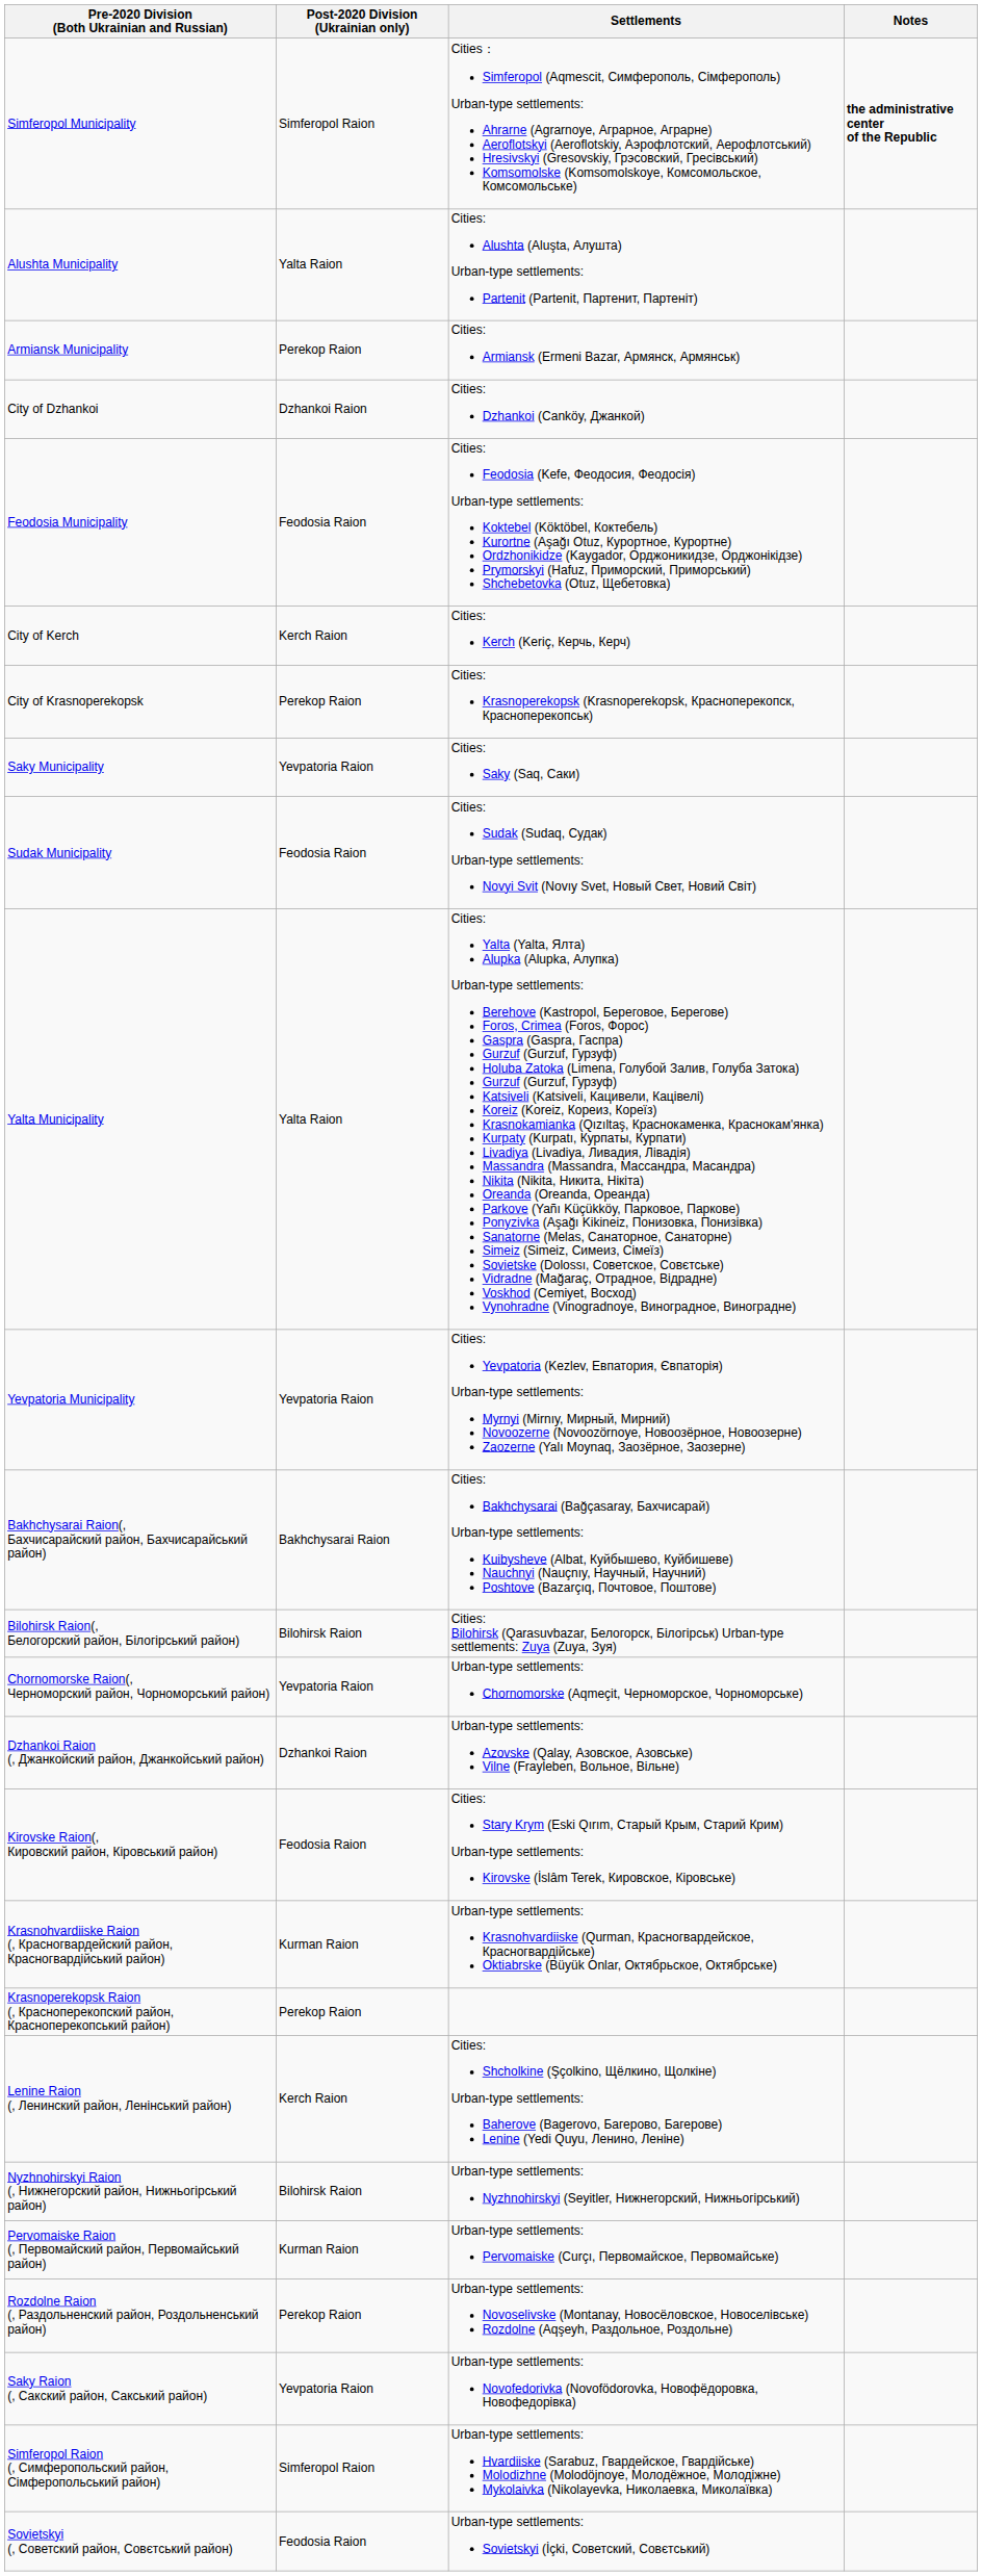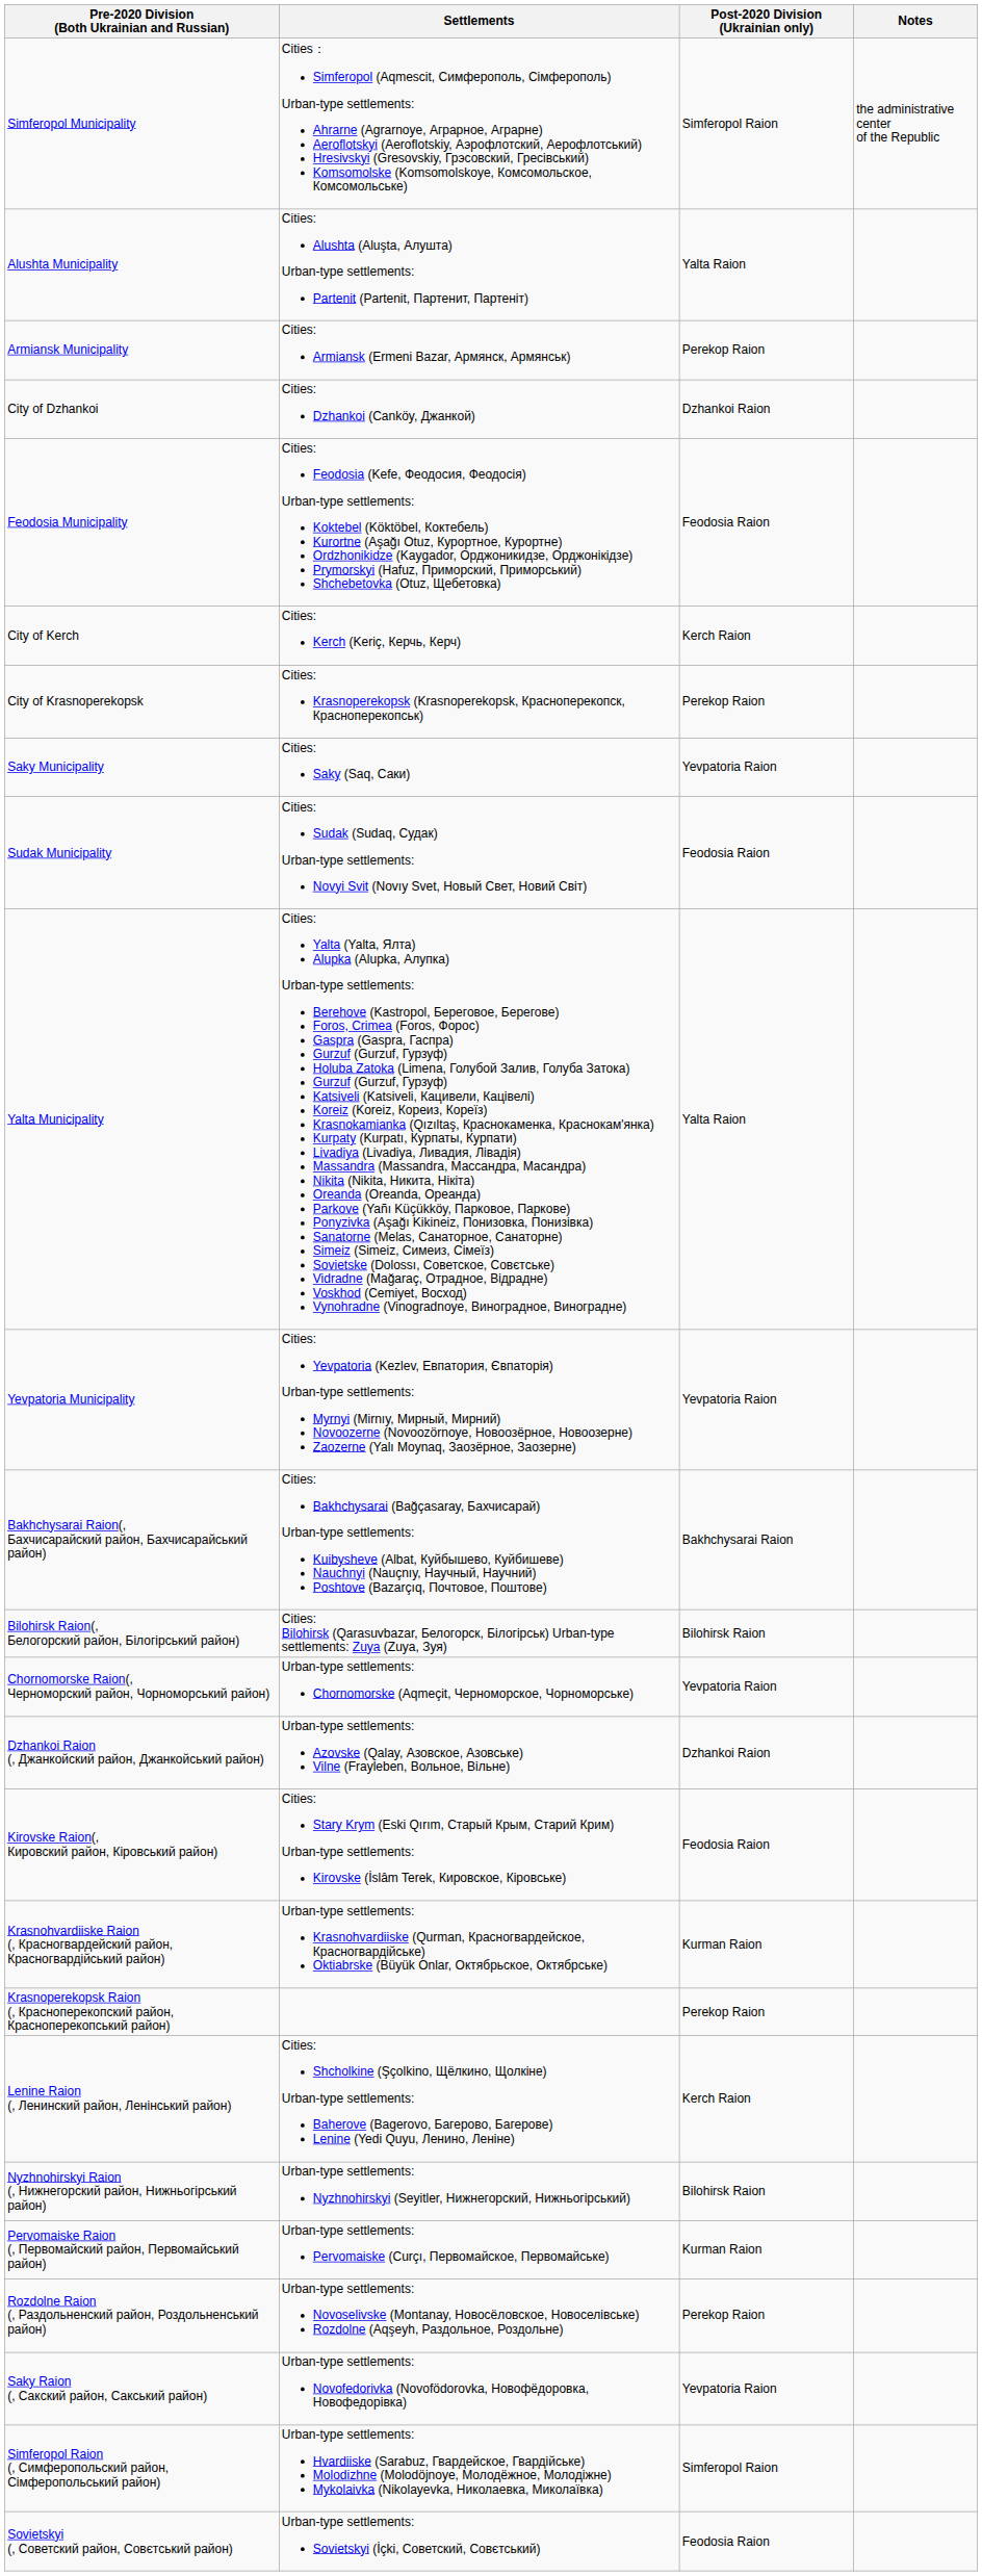 <table class="wikitable sortable">
 <tr>
 <th>Pre-2020 Division<br>(Both Ukrainian and Russian)</th>
+<th>Settlements</th>
 <th>Post-2020 Division (Ukrainian only)</th>
-<th>Settlements</th>
 <th>Notes</th>
 </tr>
 <tr>
 <td><a href='#'>Simferopol Municipality</a></td>
+<td>Cities：<br><ul><li><a href='#'>Simferopol</a> (Aqmescit, Симферополь, Сімферополь)</li></ul>Urban-type settlements:<ul><li><a href='#'>Ahrarne</a> (Agrarnoye, Аграрное, Аграрне)</li><li><a href='#'>Aeroflotskyi</a> (Aeroflotskiy, Аэрофлотский, Аерофлотський)</li><li><a href='#'>Hresivskyi</a> (Gresovskiy, Грэсовский, Гресівський)</li><li><a href='#'>Komsomolske</a> (Komsomolskoye, Комсомольское, Комсомольське)</li></ul></td>
 <td>Simferopol Raion</td>
-<td>Cities：<br><ul><li><a href='#'>Simferopol</a> (Aqmescit, Симферополь, Сімферополь)</li></ul>Urban-type settlements:<ul><li><a href='#'>Ahrarne</a> (Agrarnoye, Аграрное, Аграрне)</li><li><a href='#'>Aeroflotskyi</a> (Aeroflotskiy, Аэрофлотский, Аерофлотський)</li><li><a href='#'>Hresivskyi</a> (Gresovskiy, Грэсовский, Гресівський)</li><li><a href='#'>Komsomolske</a> (Komsomolskoye, Комсомольское, Комсомольське)</li></ul></td>
-<td><strong>the administrative center<br>of the Republic</strong></td>
+<td>the administrative center<br>of the Republic</td>
 </tr>
 <tr>
 <td><a href='#'>Alushta Municipality</a></td>
+<td>Cities:<br><ul><li><a href='#'>Alushta</a> (Aluşta, Алушта)</li></ul>Urban-type settlements:<ul><li><a href='#'>Partenit</a> (Partenit, Партенит, Партеніт)</li></ul></td>
 <td>Yalta Raion</td>
-<td>Cities:<br><ul><li><a href='#'>Alushta</a> (Aluşta, Алушта)</li></ul>Urban-type settlements:<ul><li><a href='#'>Partenit</a> (Partenit, Партенит, Партеніт)</li></ul></td>
 <td></td>
 </tr>
 <tr>
 <td><a href='#'>Armiansk Municipality</a></td>
+<td>Cities:<br><ul><li><a href='#'>Armiansk</a> (Ermeni Bazar, Армянск, Армянськ)</li></ul></td>
 <td>Perekop Raion</td>
-<td>Cities:<br><ul><li><a href='#'>Armiansk</a> (Ermeni Bazar, Армянск, Армянськ)</li></ul></td>
 <td></td>
 </tr>
 <tr>
 <td>City of Dzhankoi</td>
+<td>Cities:<br><ul><li><a href='#'>Dzhankoi</a> (Canköy, Джанкой)</li></ul></td>
 <td>Dzhankoi Raion</td>
-<td>Cities:<br><ul><li><a href='#'>Dzhankoi</a> (Canköy, Джанкой)</li></ul></td>
 <td></td>
 </tr>
 <tr>
 <td><a href='#'>Feodosia Municipality</a></td>
+<td>Cities:<br><ul><li><a href='#'>Feodosia</a> (Kefe, Феодосия, Феодосія)</li></ul>Urban-type settlements:<ul><li><a href='#'>Koktebel</a> (Köktöbel, Коктебель)</li><li><a href='#'>Kurortne</a> (Aşağı Otuz, Курортное, Курортне)</li><li><a href='#'>Ordzhonikidze</a> (Kaygador, Орджоникидзе, Орджонікідзе)</li><li><a href='#'>Prymorskyi</a> (Hafuz, Приморский, Приморський)</li><li><a href='#'>Shchebetovka</a> (Otuz, Щебетовка)</li></ul></td>
 <td>Feodosia Raion</td>
-<td>Cities:<br><ul><li><a href='#'>Feodosia</a> (Kefe, Феодосия, Феодосія)</li></ul>Urban-type settlements:<ul><li><a href='#'>Koktebel</a> (Köktöbel, Коктебель)</li><li><a href='#'>Kurortne</a> (Aşağı Otuz, Курортное, Курортне)</li><li><a href='#'>Ordzhonikidze</a> (Kaygador, Орджоникидзе, Орджонікідзе)</li><li><a href='#'>Prymorskyi</a> (Hafuz, Приморский, Приморський)</li><li><a href='#'>Shchebetovka</a> (Otuz, Щебетовка)</li></ul></td>
 <td></td>
 </tr>
 <tr>
 <td>City of Kerch</td>
+<td>Cities:<br><ul><li><a href='#'>Kerch</a> (Keriç, Керчь, Керч)</li></ul></td>
 <td>Kerch Raion</td>
-<td>Cities:<br><ul><li><a href='#'>Kerch</a> (Keriç, Керчь, Керч)</li></ul></td>
 <td></td>
 </tr>
 <tr>
 <td>City of Krasnoperekopsk</td>
+<td>Cities:<br><ul><li><a href='#'>Krasnoperekopsk</a> (Krasnoperekopsk, Красноперекопск, Красноперекопськ)</li></ul></td>
 <td>Perekop Raion</td>
-<td>Cities:<br><ul><li><a href='#'>Krasnoperekopsk</a> (Krasnoperekopsk, Красноперекопск, Красноперекопськ)</li></ul></td>
 <td></td>
 </tr>
 <tr>
 <td><a href='#'>Saky Municipality</a></td>
+<td>Cities:<br><ul><li><a href='#'>Saky</a> (Saq, Саки)</li></ul></td>
 <td>Yevpatoria Raion</td>
-<td>Cities:<br><ul><li><a href='#'>Saky</a> (Saq, Саки)</li></ul></td>
 <td></td>
 </tr>
 <tr>
 <td><a href='#'>Sudak Municipality</a></td>
+<td>Cities:<br><ul><li><a href='#'>Sudak</a> (Sudaq, Судак)</li></ul>Urban-type settlements:<ul><li><a href='#'>Novyi Svit</a> (Novıy Svet, Новый Свет, Новий Світ)</li></ul></td>
 <td>Feodosia Raion</td>
-<td>Cities:<br><ul><li><a href='#'>Sudak</a> (Sudaq, Судак)</li></ul>Urban-type settlements:<ul><li><a href='#'>Novyi Svit</a> (Novıy Svet, Новый Свет, Новий Світ)</li></ul></td>
 <td></td>
 </tr>
 <tr>
 <td><a href='#'>Yalta Municipality</a></td>
+<td>Cities:<br><ul><li><a href='#'>Yalta</a> (Yalta, Ялта)</li><li><a href='#'>Alupka</a> (Alupka, Алупка)</li></ul>Urban-type settlements:<ul><li><a href='#'>Berehove</a> (Kastropol, Береговое, Берегове)</li><li><a href='#'>Foros, Crimea</a> (Foros, Форос)</li><li><a href='#'>Gaspra</a> (Gaspra, Гаспра)</li><li><a href='#'>Gurzuf</a> (Gurzuf, Гурзуф)</li><li><a href='#'>Holuba Zatoka</a> (Limena, Голубой Залив, Голуба Затока)</li><li><a href='#'>Gurzuf</a> (Gurzuf, Гурзуф)</li><li><a href='#'>Katsiveli</a> (Katsiveli, Кацивели, Кацівелі)</li><li><a href='#'>Koreiz</a> (Koreiz, Кореиз, Кореїз)</li><li><a href='#'>Krasnokamianka</a> (Qızıltaş, Краснокаменка, Краснокам'янка)</li><li><a href='#'>Kurpaty</a> (Kurpatı, Курпаты, Курпати)</li><li><a href='#'>Livadiya</a> (Livadiya, Ливадия, Лівадія)</li><li><a href='#'>Massandra</a> (Massandra, Массандра, Масандра)</li><li><a href='#'>Nikita</a> (Nikita, Никита, Нікіта)</li><li><a href='#'>Oreanda</a> (Oreanda, Ореанда)</li><li><a href='#'>Parkove</a> (Yañı Küçükköy, Парковое, Паркове)</li><li><a href='#'>Ponyzivka</a> (Aşağı Kikineiz, Понизовка, Понизівка)</li><li><a href='#'>Sanatorne</a> (Melas, Санаторное, Санаторне)</li><li><a href='#'>Simeiz</a> (Simeiz, Симеиз, Сімеїз)</li><li><a href='#'>Sovietske</a> (Dolossı, Советское, Совєтське)</li><li><a href='#'>Vidradne</a> (Mağaraç, Отрадное, Відрадне)</li><li><a href='#'>Voskhod</a> (Cemiyet, Восход)</li><li><a href='#'>Vynohradne</a> (Vinogradnoye, Виноградное, Виноградне)</li></ul></td>
 <td>Yalta Raion</td>
-<td>Cities:<br><ul><li><a href='#'>Yalta</a> (Yalta, Ялта)</li><li><a href='#'>Alupka</a> (Alupka, Алупка)</li></ul>Urban-type settlements:<ul><li><a href='#'>Berehove</a> (Kastropol, Береговое, Берегове)</li><li><a href='#'>Foros, Crimea</a> (Foros, Форос)</li><li><a href='#'>Gaspra</a> (Gaspra, Гаспра)</li><li><a href='#'>Gurzuf</a> (Gurzuf, Гурзуф)</li><li><a href='#'>Holuba Zatoka</a> (Limena, Голубой Залив, Голуба Затока)</li><li><a href='#'>Gurzuf</a> (Gurzuf, Гурзуф)</li><li><a href='#'>Katsiveli</a> (Katsiveli, Кацивели, Кацівелі)</li><li><a href='#'>Koreiz</a> (Koreiz, Кореиз, Кореїз)</li><li><a href='#'>Krasnokamianka</a> (Qızıltaş, Краснокаменка, Краснокам'янка)</li><li><a href='#'>Kurpaty</a> (Kurpatı, Курпаты, Курпати)</li><li><a href='#'>Livadiya</a> (Livadiya, Ливадия, Лівадія)</li><li><a href='#'>Massandra</a> (Massandra, Массандра, Масандра)</li><li><a href='#'>Nikita</a> (Nikita, Никита, Нікіта)</li><li><a href='#'>Oreanda</a> (Oreanda, Ореанда)</li><li><a href='#'>Parkove</a> (Yañı Küçükköy, Парковое, Паркове)</li><li><a href='#'>Ponyzivka</a> (Aşağı Kikineiz, Понизовка, Понизівка)</li><li><a href='#'>Sanatorne</a> (Melas, Санаторное, Санаторне)</li><li><a href='#'>Simeiz</a> (Simeiz, Симеиз, Сімеїз)</li><li><a href='#'>Sovietske</a> (Dolossı, Советское, Совєтське)</li><li><a href='#'>Vidradne</a> (Mağaraç, Отрадное, Відрадне)</li><li><a href='#'>Voskhod</a> (Cemiyet, Восход)</li><li><a href='#'>Vynohradne</a> (Vinogradnoye, Виноградное, Виноградне)</li></ul></td>
 <td></td>
 </tr>
 <tr>
 <td><a href='#'>Yevpatoria Municipality</a></td>
+<td>Cities:<br><ul><li><a href='#'>Yevpatoria</a> (Kezlev, Евпатория, Євпаторія)</li></ul>Urban-type settlements:<ul><li><a href='#'>Myrnyi</a> (Mirnıy, Мирный, Мирний)</li><li><a href='#'>Novoozerne</a> (Novoozörnoye, Новоозёрное, Новоозерне)</li><li><a href='#'>Zaozerne</a> (Yalı Moynaq, Заозёрное, Заозерне)</li></ul></td>
 <td>Yevpatoria Raion</td>
-<td>Cities:<br><ul><li><a href='#'>Yevpatoria</a> (Kezlev, Евпатория, Євпаторія)</li></ul>Urban-type settlements:<ul><li><a href='#'>Myrnyi</a> (Mirnıy, Мирный, Мирний)</li><li><a href='#'>Novoozerne</a> (Novoozörnoye, Новоозёрное, Новоозерне)</li><li><a href='#'>Zaozerne</a> (Yalı Moynaq, Заозёрное, Заозерне)</li></ul></td>
 <td></td>
 </tr>
 <tr>
 <td><a href='#'>Bakhchysarai Raion</a>(,<br>Бахчисарайский район,  Бахчисарайський район)</td>
+<td>Cities:<br><ul><li><a href='#'>Bakhchysarai</a> (Bağçasaray, Бахчисарай)</li></ul>Urban-type settlements:<ul><li><a href='#'>Kuibysheve</a> (Albat, Куйбышево, Куйбишеве)</li><li><a href='#'>Nauchnyi</a> (Nauçnıy, Научный, Научний)</li><li><a href='#'>Poshtove</a> (Bazarçıq, Почтовое, Поштове)</li></ul></td>
 <td>Bakhchysarai Raion</td>
-<td>Cities:<br><ul><li><a href='#'>Bakhchysarai</a> (Bağçasaray, Бахчисарай)</li></ul>Urban-type settlements:<ul><li><a href='#'>Kuibysheve</a> (Albat, Куйбышево, Куйбишеве)</li><li><a href='#'>Nauchnyi</a> (Nauçnıy, Научный, Научний)</li><li><a href='#'>Poshtove</a> (Bazarçıq, Почтовое, Поштове)</li></ul></td>
 <td></td>
 </tr>
 <tr>
 <td><a href='#'>Bilohirsk Raion</a>(,<br>Белогорский район,  Білогірський район)</td>
+<td>Cities:<br><a href='#'>Bilohirsk</a> (Qarasuvbazar, Белогорск, Білогірськ) Urban-type settlements: <a href='#'>Zuya</a> (Zuya, Зуя)</td>
 <td>Bilohirsk Raion</td>
-<td>Cities:<br><a href='#'>Bilohirsk</a> (Qarasuvbazar, Белогорск, Білогірськ) Urban-type settlements: <a href='#'>Zuya</a> (Zuya, Зуя)</td>
 <td></td>
 </tr>
 <tr>
 <td><a href='#'>Chornomorske Raion</a>(,<br>Черноморский район,  Чорноморський район)</td>
+<td>Urban-type settlements:<br><ul><li><a href='#'>Chornomorske</a> (Aqmeçit, Черноморское, Чорноморське)</li></ul></td>
 <td>Yevpatoria Raion</td>
-<td>Urban-type settlements:<br><ul><li><a href='#'>Chornomorske</a> (Aqmeçit, Черноморское, Чорноморське)</li></ul></td>
 <td></td>
 </tr>
 <tr>
 <td><a href='#'>Dzhankoi Raion</a><br>(,  Джанкойский район,  Джанкойський район)</td>
+<td>Urban-type settlements:<br><ul><li><a href='#'>Azovske</a> (Qalay, Азовское, Азовське)</li><li><a href='#'>Vilne</a> (Frayleben, Вольное, Вільне)</li></ul></td>
 <td>Dzhankoi Raion</td>
-<td>Urban-type settlements:<br><ul><li><a href='#'>Azovske</a> (Qalay, Азовское, Азовське)</li><li><a href='#'>Vilne</a> (Frayleben, Вольное, Вільне)</li></ul></td>
 <td></td>
 </tr>
 <tr>
 <td><a href='#'>Kirovske Raion</a>(,<br>Кировский район,  Кіровський район)</td>
+<td>Cities:<br><ul><li><a href='#'>Stary Krym</a> (Eski Qırım, Старый Крым, Старий Крим)</li></ul>Urban-type settlements:<ul><li><a href='#'>Kirovske</a> (İslâm Terek, Кировское, Кіровське)</li></ul></td>
 <td>Feodosia Raion</td>
-<td>Cities:<br><ul><li><a href='#'>Stary Krym</a> (Eski Qırım, Старый Крым, Старий Крим)</li></ul>Urban-type settlements:<ul><li><a href='#'>Kirovske</a> (İslâm Terek, Кировское, Кіровське)</li></ul></td>
 <td></td>
 </tr>
 <tr>
 <td><a href='#'>Krasnohvardiiske Raion</a><br>(,  Красногвардейский район,  Красногвардійський район)</td>
+<td>Urban-type settlements:<br><ul><li><a href='#'>Krasnohvardiiske</a> (Qurman, Красногвардейское, Красногвардійське)</li><li><a href='#'>Oktiabrske</a> (Büyük Onlar, Октябрьское, Октябрське)</li></ul></td>
 <td>Kurman Raion</td>
-<td>Urban-type settlements:<br><ul><li><a href='#'>Krasnohvardiiske</a> (Qurman, Красногвардейское, Красногвардійське)</li><li><a href='#'>Oktiabrske</a> (Büyük Onlar, Октябрьское, Октябрське)</li></ul></td>
 <td></td>
 </tr>
 <tr>
 <td><a href='#'>Krasnoperekopsk Raion</a><br>(,  Красноперекопский район,  Красноперекопський район)</td>
+<td></td>
 <td>Perekop Raion</td>
-<td></td>
 <td></td>
 </tr>
 <tr>
 <td><a href='#'>Lenine Raion</a><br>(,  Ленинский район,  Ленінський район)</td>
+<td>Cities:<br><ul><li><a href='#'>Shcholkine</a> (Şçolkino, Щёлкино, Щолкіне)</li></ul>Urban-type settlements:<ul><li><a href='#'>Baherove</a> (Bagerovo, Багерово, Багерове)</li><li><a href='#'>Lenine</a> (Yedi Quyu, Ленино, Леніне)</li></ul></td>
 <td>Kerch Raion</td>
-<td>Cities:<br><ul><li><a href='#'>Shcholkine</a> (Şçolkino, Щёлкино, Щолкіне)</li></ul>Urban-type settlements:<ul><li><a href='#'>Baherove</a> (Bagerovo, Багерово, Багерове)</li><li><a href='#'>Lenine</a> (Yedi Quyu, Ленино, Леніне)</li></ul></td>
 <td></td>
 </tr>
 <tr>
 <td><a href='#'>Nyzhnohirskyi Raion</a><br>(,  Нижнегорский район,  Нижньогірський район)</td>
+<td>Urban-type settlements:<br><ul><li><a href='#'>Nyzhnohirskyi</a> (Seyitler, Нижнегорский, Нижньогірський)</li></ul></td>
 <td>Bilohirsk Raion</td>
-<td>Urban-type settlements:<br><ul><li><a href='#'>Nyzhnohirskyi</a> (Seyitler, Нижнегорский, Нижньогірський)</li></ul></td>
 <td></td>
 </tr>
 <tr>
 <td><a href='#'>Pervomaiske Raion</a><br>(,  Первомайский район,  Первомайський район)</td>
+<td>Urban-type settlements:<br><ul><li><a href='#'>Pervomaiske</a> (Curçı, Первомайское, Первомайське)</li></ul></td>
 <td>Kurman Raion</td>
-<td>Urban-type settlements:<br><ul><li><a href='#'>Pervomaiske</a> (Curçı, Первомайское, Первомайське)</li></ul></td>
 <td></td>
 </tr>
 <tr>
 <td><a href='#'>Rozdolne Raion</a><br>(,  Раздольненский район,  Роздольненський район)</td>
+<td>Urban-type settlements:<br><ul><li><a href='#'>Novoselivske</a> (Montanay, Новосёловское, Новоселівське)</li><li><a href='#'>Rozdolne</a> (Aqşeyh, Раздольное, Роздольне)</li></ul></td>
 <td>Perekop Raion</td>
-<td>Urban-type settlements:<br><ul><li><a href='#'>Novoselivske</a> (Montanay, Новосёловское, Новоселівське)</li><li><a href='#'>Rozdolne</a> (Aqşeyh, Раздольное, Роздольне)</li></ul></td>
 <td></td>
 </tr>
 <tr>
 <td><a href='#'>Saky Raion</a><br>(,  Сакский район,  Сакський район)</td>
+<td>Urban-type settlements:<br><ul><li><a href='#'>Novofedorivka</a> (Novofödorovka, Новофёдоровка, Новофедорівка)</li></ul></td>
 <td>Yevpatoria Raion</td>
-<td>Urban-type settlements:<br><ul><li><a href='#'>Novofedorivka</a> (Novofödorovka, Новофёдоровка, Новофедорівка)</li></ul></td>
 <td></td>
 </tr>
 <tr>
 <td><a href='#'>Simferopol Raion</a><br>(,  Симферопольский район,  Сімферопольський район)</td>
+<td>Urban-type settlements:<br><ul><li><a href='#'>Hvardiiske</a> (Sarabuz, Гвардейское, Гвардійське)</li><li><a href='#'>Molodizhne</a> (Molodöjnoye, Молодёжное, Молодіжне)</li><li><a href='#'>Mykolaivka</a> (Nikolayevka, Николаевка, Миколаївка)</li></ul></td>
 <td>Simferopol Raion</td>
-<td>Urban-type settlements:<br><ul><li><a href='#'>Hvardiiske</a> (Sarabuz, Гвардейское, Гвардійське)</li><li><a href='#'>Molodizhne</a> (Molodöjnoye, Молодёжное, Молодіжне)</li><li><a href='#'>Mykolaivka</a> (Nikolayevka, Николаевка, Миколаївка)</li></ul></td>
 <td></td>
 </tr>
 <tr>
 <td><a href='#'>Sovietskyi</a><br>(,  Советский район,  Совєтський район)</td>
+<td>Urban-type settlements:<br><ul><li><a href='#'>Sovietskyi</a> (İçki, Советский, Совєтський)</li></ul></td>
 <td>Feodosia Raion</td>
-<td>Urban-type settlements:<br><ul><li><a href='#'>Sovietskyi</a> (İçki, Советский, Совєтський)</li></ul></td>
 <td></td>
 </tr>
 </table>
